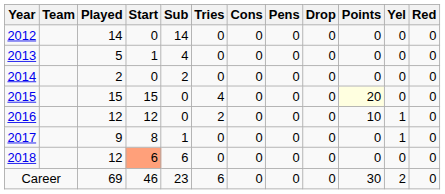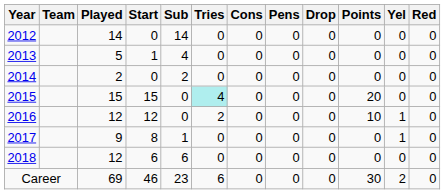 <table class="wikitable sortable" style="font-size: 95%; text-align: right;">
 <tr>
 <th>Year</th>
 <th>Team</th>
 <th>Played</th>
 <th>Start</th>
 <th>Sub</th>
 <th>Tries</th>
 <th>Cons</th>
 <th>Pens</th>
 <th>Drop</th>
 <th>Points</th>
 <th>Yel</th>
 <th>Red</th>
 </tr>
 <tr>
 <td align="left"><a href='#'>2012</a></td>
 <td align="left"></td>
 <td>14</td>
 <td>0</td>
 <td>14</td>
 <td>0</td>
 <td>0</td>
 <td>0</td>
 <td>0</td>
 <td>0</td>
 <td>0</td>
 <td>0</td>
 </tr>
 <tr>
 <td align="left"><a href='#'>2013</a></td>
 <td align="left"></td>
 <td>5</td>
 <td>1</td>
 <td>4</td>
 <td>0</td>
 <td>0</td>
 <td>0</td>
 <td>0</td>
 <td>0</td>
 <td>0</td>
 <td>0</td>
 </tr>
 <tr>
 <td align="left"><a href='#'>2014</a></td>
 <td align="left"></td>
 <td>2</td>
 <td>0</td>
 <td>2</td>
 <td>0</td>
 <td>0</td>
 <td>0</td>
 <td>0</td>
 <td>0</td>
 <td>0</td>
 <td>0</td>
 </tr>
 <tr>
 <td align="left"><a href='#'>2015</a></td>
 <td align="left"></td>
 <td>15</td>
 <td>15</td>
 <td>0</td>
-<td>4</td>
+<td style="background: paleturquoise;">4</td>
 <td>0</td>
 <td>0</td>
 <td>0</td>
-<td style="background: lightyellow;">20</td>
+<td>20</td>
 <td>0</td>
 <td>0</td>
 </tr>
 <tr>
 <td align="left"><a href='#'>2016</a></td>
 <td align="left"></td>
 <td>12</td>
 <td>12</td>
 <td>0</td>
 <td>2</td>
 <td>0</td>
 <td>0</td>
 <td>0</td>
 <td>10</td>
 <td>1</td>
 <td>0</td>
 </tr>
 <tr>
 <td align="left"><a href='#'>2017</a></td>
 <td align="left"></td>
 <td>9</td>
 <td>8</td>
 <td>1</td>
 <td>0</td>
 <td>0</td>
 <td>0</td>
 <td>0</td>
 <td>0</td>
 <td>1</td>
 <td>0</td>
 </tr>
 <tr>
 <td align="left"><a href='#'>2018</a></td>
 <td align="left"></td>
 <td>12</td>
-<td style="background: lightsalmon;">6</td>
+<td>6</td>
 <td>6</td>
 <td>0</td>
 <td>0</td>
 <td>0</td>
 <td>0</td>
 <td>0</td>
 <td>0</td>
 <td>0</td>
 </tr>
 <tr class="sortbottom">
 <td style="text-align:center;" colspan="2">Career</td>
 <td>69</td>
 <td>46</td>
 <td>23</td>
 <td>6</td>
 <td>0</td>
 <td>0</td>
 <td>0</td>
 <td>30</td>
 <td>2</td>
 <td>0</td>
 </tr>
 </table>
